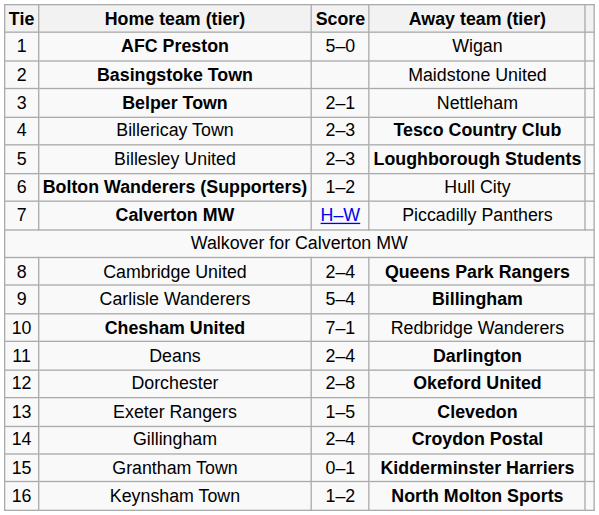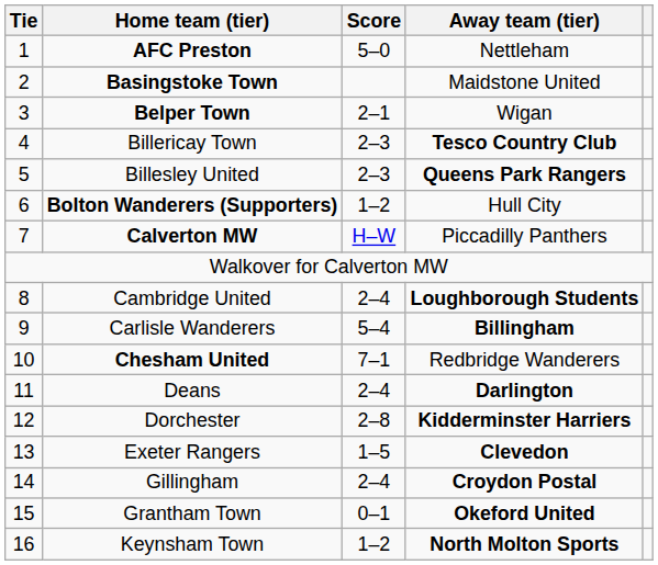 <table class="wikitable" style="text-align:center; font-size:85%">
 <tr>
 <th>Tie</th>
 <th>Home team (tier)</th>
 <th>Score</th>
 <th>Away team (tier)</th>
 <th></th>
 </tr>
 <tr>
 <td align="center">1</td>
 <td><strong>AFC Preston</strong></td>
 <td align="center">5–0</td>
-<td>Wigan</td>
+<td>Nettleham</td>
 <td></td>
 </tr>
 <tr>
 <td align="center">2</td>
 <td><strong>Basingstoke Town</strong></td>
 <td align="center"></td>
 <td>Maidstone United</td>
 <td></td>
 </tr>
 <tr>
 <td align="center">3</td>
 <td><strong>Belper Town</strong></td>
 <td align="center">2–1</td>
-<td>Nettleham</td>
+<td>Wigan</td>
 <td></td>
 </tr>
 <tr>
 <td align="center">4</td>
 <td>Billericay Town</td>
 <td align="center">2–3</td>
 <td><strong>Tesco Country Club</strong></td>
 <td></td>
 </tr>
 <tr>
 <td align="center">5</td>
 <td>Billesley United</td>
 <td align="center">2–3 </td>
-<td><strong>Loughborough Students</strong></td>
+<td><strong>Queens Park Rangers</strong></td>
 <td></td>
 </tr>
 <tr>
 <td align="center">6</td>
 <td><strong>Bolton Wanderers (Supporters)</strong></td>
 <td align="center">1–2</td>
 <td>Hull City</td>
 <td></td>
 </tr>
 <tr>
 <td align="center">7</td>
 <td><strong>Calverton MW</strong></td>
 <td align="center"><a href='#'>H–W</a></td>
 <td>Piccadilly Panthers</td>
 <td></td>
 </tr>
 <tr>
 <td colspan="5" align="center">Walkover for Calverton MW</td>
 </tr>
 <tr>
 <td align="center">8</td>
 <td>Cambridge United</td>
 <td align="center">2–4</td>
-<td><strong>Queens Park Rangers</strong></td>
+<td><strong>Loughborough Students</strong></td>
 <td></td>
 </tr>
 <tr>
 <td align="center">9</td>
 <td>Carlisle Wanderers</td>
 <td align="center">5–4</td>
 <td><strong>Billingham</strong></td>
 <td></td>
 </tr>
 <tr>
 <td align="center">10</td>
 <td><strong>Chesham United</strong></td>
 <td align="center">7–1</td>
 <td>Redbridge Wanderers</td>
 <td></td>
 </tr>
 <tr>
 <td align="center">11</td>
 <td>Deans</td>
 <td align="center">2–4</td>
 <td><strong>Darlington</strong></td>
 <td></td>
 </tr>
 <tr>
 <td align="center">12</td>
 <td>Dorchester</td>
 <td align="center">2–8</td>
-<td><strong>Okeford United</strong></td>
+<td><strong>Kidderminster Harriers</strong></td>
 <td></td>
 </tr>
 <tr>
 <td align="center">13</td>
 <td>Exeter Rangers</td>
 <td align="center">1–5</td>
 <td><strong>Clevedon</strong></td>
 <td></td>
 </tr>
 <tr>
 <td align="center">14</td>
 <td>Gillingham</td>
 <td align="center">2–4</td>
 <td><strong>Croydon Postal</strong></td>
 <td></td>
 </tr>
 <tr>
 <td align="center">15</td>
 <td>Grantham Town</td>
 <td align="center">0–1</td>
-<td><strong>Kidderminster Harriers</strong></td>
+<td><strong>Okeford United</strong></td>
 <td></td>
 </tr>
 <tr>
 <td align="center">16</td>
 <td>Keynsham Town</td>
 <td align="center">1–2</td>
 <td><strong>North Molton Sports</strong></td>
 <td></td>
 </tr>
 </table>
